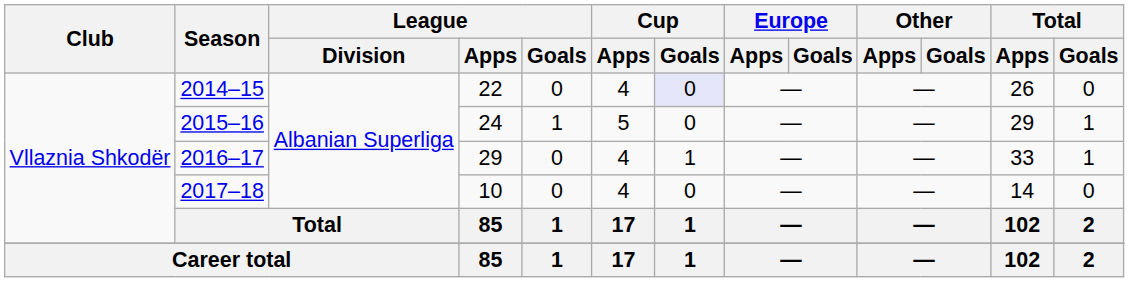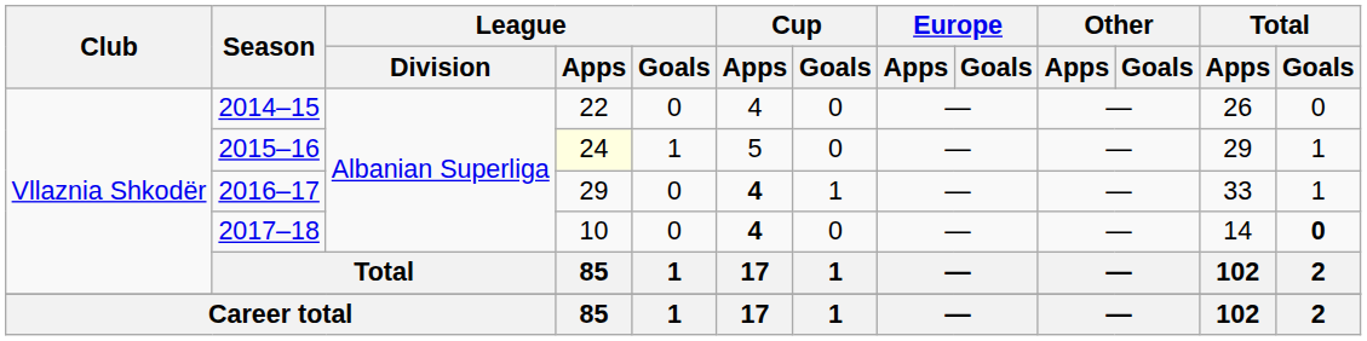 <table class="wikitable" style="text-align:center">
 <tr>
 <th rowspan="2">Club</th>
 <th rowspan="2">Season</th>
 <th colspan="3">League</th>
 <th colspan="2">Cup</th>
 <th colspan="2"><a href='#'>Europe</a></th>
 <th colspan="2">Other</th>
 <th colspan="2">Total</th>
 </tr>
 <tr>
 <th>Division</th>
 <th>Apps</th>
 <th>Goals</th>
 <th>Apps</th>
 <th>Goals</th>
 <th>Apps</th>
 <th>Goals</th>
 <th>Apps</th>
 <th>Goals</th>
 <th>Apps</th>
 <th>Goals</th>
 </tr>
 <tr>
 <td rowspan="5" valign="center"><a href='#'>Vllaznia Shkodër</a></td>
 <td><a href='#'>2014–15</a></td>
 <td rowspan="4"><a href='#'>Albanian Superliga</a></td>
 <td>22</td>
 <td>0</td>
 <td>4</td>
-<td style="background: lavender;">0</td>
+<td>0</td>
 <td colspan="2">—</td>
 <td colspan="2">—</td>
 <td>26</td>
 <td>0</td>
 </tr>
 <tr>
 <td><a href='#'>2015–16</a></td>
-<td>24</td>
+<td style="background: lightyellow;">24</td>
 <td>1</td>
 <td>5</td>
 <td>0</td>
 <td colspan="2">—</td>
 <td colspan="2">—</td>
 <td>29</td>
 <td>1</td>
 </tr>
 <tr>
 <td><a href='#'>2016–17</a></td>
 <td>29</td>
 <td>0</td>
-<td>4</td>
+<td><strong>4</strong></td>
 <td>1</td>
 <td colspan="2">—</td>
 <td colspan="2">—</td>
 <td>33</td>
 <td>1</td>
 </tr>
 <tr>
 <td><a href='#'>2017–18</a></td>
 <td>10</td>
 <td>0</td>
-<td>4</td>
+<td><strong>4</strong></td>
 <td>0</td>
 <td colspan="2">—</td>
 <td colspan="2">—</td>
 <td>14</td>
-<td>0</td>
+<td><strong>0</strong></td>
 </tr>
 <tr>
 <th colspan="2" valign="center">Total</th>
 <th>85</th>
 <th>1</th>
 <th>17</th>
 <th>1</th>
 <th colspan="2">—</th>
 <th colspan="2">—</th>
 <th>102</th>
 <th>2</th>
 </tr>
 <tr>
 </tr>
 <tr>
 <th colspan="3">Career total</th>
 <th>85</th>
 <th>1</th>
 <th>17</th>
 <th>1</th>
 <th colspan="2">—</th>
 <th colspan="2">—</th>
 <th>102</th>
 <th>2</th>
 </tr>
 </table>
